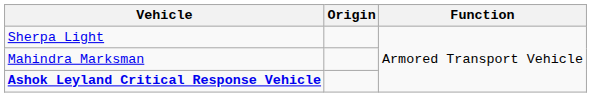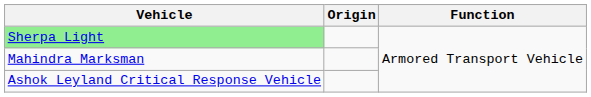 <table class="wikitable">
 <tr>
 <th>Vehicle</th>
 <th>Origin</th>
 <th>Function</th>
 </tr>
 <tr>
-<td><a href='#'>Sherpa Light</a></td>
+<td style="background: lightgreen;"><a href='#'>Sherpa Light</a></td>
 <td></td>
 <td rowspan="3">Armored Transport Vehicle</td>
 </tr>
 <tr>
 <td><a href='#'>Mahindra Marksman</a></td>
 <td></td>
 </tr>
 <tr>
-<td><strong><a href='#'>Ashok Leyland Critical Response Vehicle</a></strong></td>
+<td><a href='#'>Ashok Leyland Critical Response Vehicle</a></td>
 <td></td>
 </tr>
 </table>
